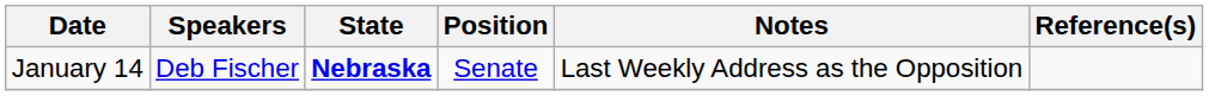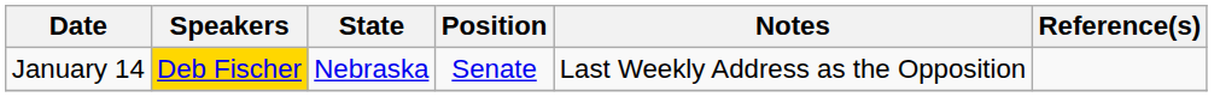 <table class="wikitable">
 <tr>
 <th style="text-align: center;">Date</th>
 <th style="text-align: center;">Speakers</th>
 <th style="text-align: center;">State</th>
 <th style="text-align: center;">Position</th>
 <th style="text-align: center;">Notes</th>
 <th style="text-align: center;">Reference(s)</th>
 </tr>
 <tr>
 <td>January 14</td>
-<td style="text-align: center;"><a href='#'>Deb Fischer</a></td>
-<td style="text-align: center;"><strong><a href='#'>Nebraska</a></strong></td>
+<td style="background: gold; text-align: center;"><a href='#'>Deb Fischer</a></td>
+<td style="text-align: center;"><a href='#'>Nebraska</a></td>
 <td style="text-align: center;"><a href='#'>Senate</a></td>
 <td style="text-align: center;">Last Weekly Address as the Opposition</td>
 <td style="text-align: center;"></td>
 </tr>
 <tr>
 </tr>
 </table>
